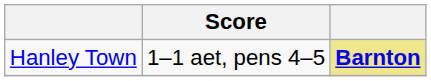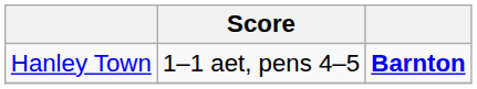 <table class="wikitable" style="text-align: center">
 <tr>
 <th></th>
 <th>Score</th>
 <th></th>
 </tr>
 <tr>
 <td><a href='#'>Hanley Town</a></td>
 <td>1–1 aet, pens 4–5</td>
-<td style="background: khaki;"><strong><a href='#'>Barnton</a></strong></td>
+<td><strong><a href='#'>Barnton</a></strong></td>
 </tr>
 <tr>
 </tr>
 </table>
